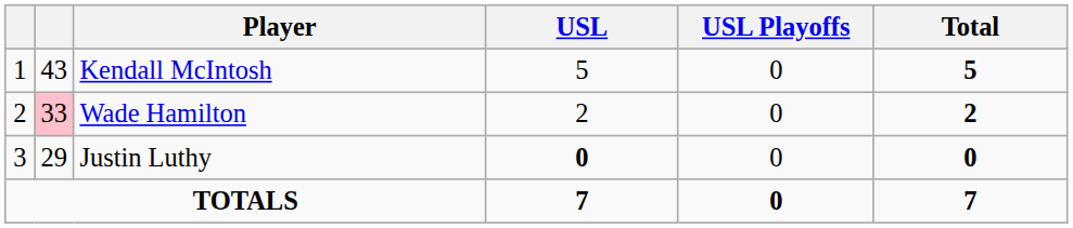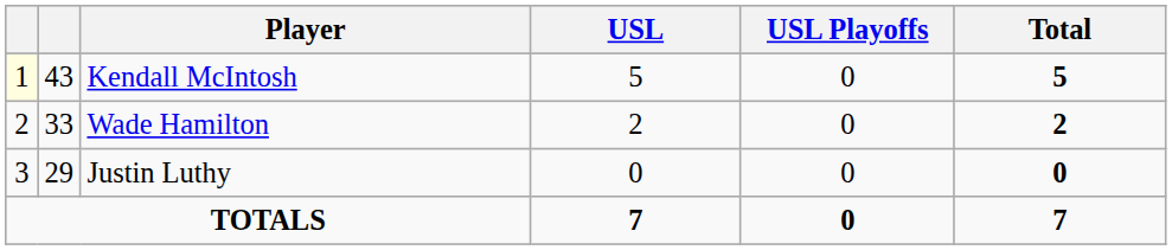 <table class="wikitable sortable" style="font-size: 95%; text-align: center;">
 <tr>
 <th width=10></th>
 <th width=10></th>
 <th width=245>Player</th>
 <th width=110><a href='#'>USL</a></th>
 <th width=110><a href='#'>USL Playoffs</a></th>
 <th width=110>Total</th>
 </tr>
 <tr>
-<td>1</td>
+<td style="background: lightyellow;">1</td>
 <td>43</td>
 <td align=left> <a href='#'>Kendall McIntosh</a></td>
 <td>5</td>
 <td>0</td>
 <td><strong>5</strong></td>
 </tr>
 <tr>
 <td>2</td>
-<td style="background: pink;">33</td>
+<td>33</td>
 <td align="left"> <a href='#'>Wade Hamilton</a></td>
 <td>2</td>
 <td>0</td>
 <td><strong>2</strong></td>
 </tr>
 <tr>
 <td>3</td>
 <td>29</td>
 <td align="left"> Justin Luthy</td>
-<td><strong>0</strong></td>
+<td>0</td>
 <td>0</td>
 <td><strong>0</strong></td>
 </tr>
 <tr>
 <td colspan="3"><strong>TOTALS</strong></td>
 <td><strong>7</strong></td>
 <td><strong>0</strong></td>
 <td><strong>7</strong></td>
 </tr>
 </table>
